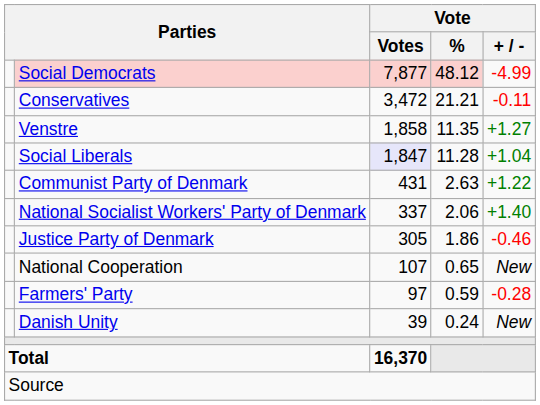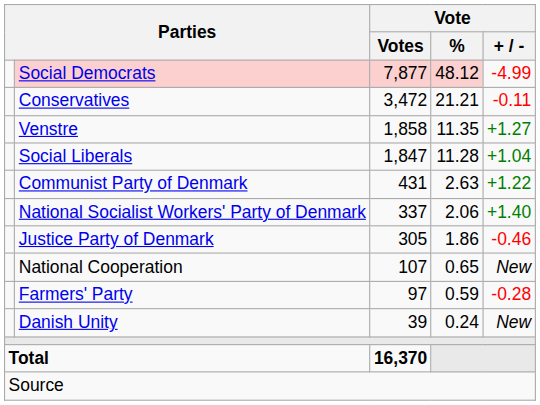 <table class="wikitable" style="text-align:right;">
 <tr>
 <th style="text-align:centre;" rowspan="2" colspan="2" width="225">Parties</th>
 <th colspan="3">Vote</th>
 </tr>
 <tr>
 <th width="15">Votes</th>
 <th width="15">%</th>
 <th width="15">+ / -</th>
 </tr>
 <tr>
 <td width="2" style="color:inherit;background:"></td>
 <td bgcolor=#fbd0ce  align="left"><a href='#'>Social Democrats</a></td>
 <td bgcolor=#fbd0ce>7,877</td>
 <td bgcolor=#fbd0ce>48.12</td>
 <td style=color:red;>-4.99</td>
 </tr>
 <tr>
 <td width="2" style="color:inherit;background:"></td>
 <td align="left"><a href='#'>Conservatives</a></td>
 <td>3,472</td>
 <td>21.21</td>
 <td style=color:red;>-0.11</td>
 </tr>
 <tr>
 <td width="2" style="color:inherit;background:"></td>
 <td align="left"><a href='#'>Venstre</a></td>
 <td>1,858</td>
 <td>11.35</td>
 <td style=color:green;>+1.27</td>
 </tr>
 <tr>
 <td width="2" style="color:inherit;background:"></td>
 <td align="left"><a href='#'>Social Liberals</a></td>
-<td style="background: lavender;">1,847</td>
+<td>1,847</td>
 <td>11.28</td>
 <td style=color:green;>+1.04</td>
 </tr>
 <tr>
 <td width="2" style="color:inherit;background:"></td>
 <td align="left"><a href='#'>Communist Party of Denmark</a></td>
 <td>431</td>
 <td>2.63</td>
 <td style=color:green;>+1.22</td>
 </tr>
 <tr>
 <td width="2" style="color:inherit;background:"></td>
 <td align="left"><a href='#'>National Socialist Workers' Party of Denmark</a></td>
 <td>337</td>
 <td>2.06</td>
 <td style=color:green;>+1.40</td>
 </tr>
 <tr>
 <td width="2" style="color:inherit;background:"></td>
 <td align="left"><a href='#'>Justice Party of Denmark</a></td>
 <td>305</td>
 <td>1.86</td>
 <td style=color:red;>-0.46</td>
 </tr>
 <tr>
 <td width="2" style="color:inherit;background:"></td>
 <td align="left">National Cooperation</td>
 <td>107</td>
 <td>0.65</td>
 <td><em>New</em></td>
 </tr>
 <tr>
 <td width="2" style="color:inherit;background:"></td>
 <td align="left"><a href='#'>Farmers' Party</a></td>
 <td>97</td>
 <td>0.59</td>
 <td style=color:red;>-0.28</td>
 </tr>
 <tr>
 <td width="2" style="color:inherit;background:"></td>
 <td align="left"><a href='#'>Danish Unity</a></td>
 <td>39</td>
 <td>0.24</td>
 <td><em>New</em></td>
 </tr>
 <tr>
 <td colspan="7" bgcolor="#E9E9E9"></td>
 </tr>
 <tr>
 <td align="left" colspan="2"><strong>Total</strong></td>
 <td><strong>16,370</strong></td>
 <td bgcolor="#E9E9E9" colspan="2"></td>
 </tr>
 <tr>
 <td align="left" colspan="6">Source</td>
 </tr>
 </table>
